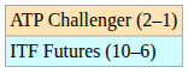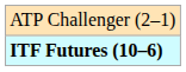 <table class=wikitable style=font-size:97%>
 <tr bgcolor=moccasin>
 <td>ATP Challenger (2–1)</td>
 </tr>
 <tr bgcolor=cffcff>
-<td>ITF Futures (10–6)</td>
+<td><strong>ITF Futures (10–6)</strong></td>
 </tr>
 </table>
